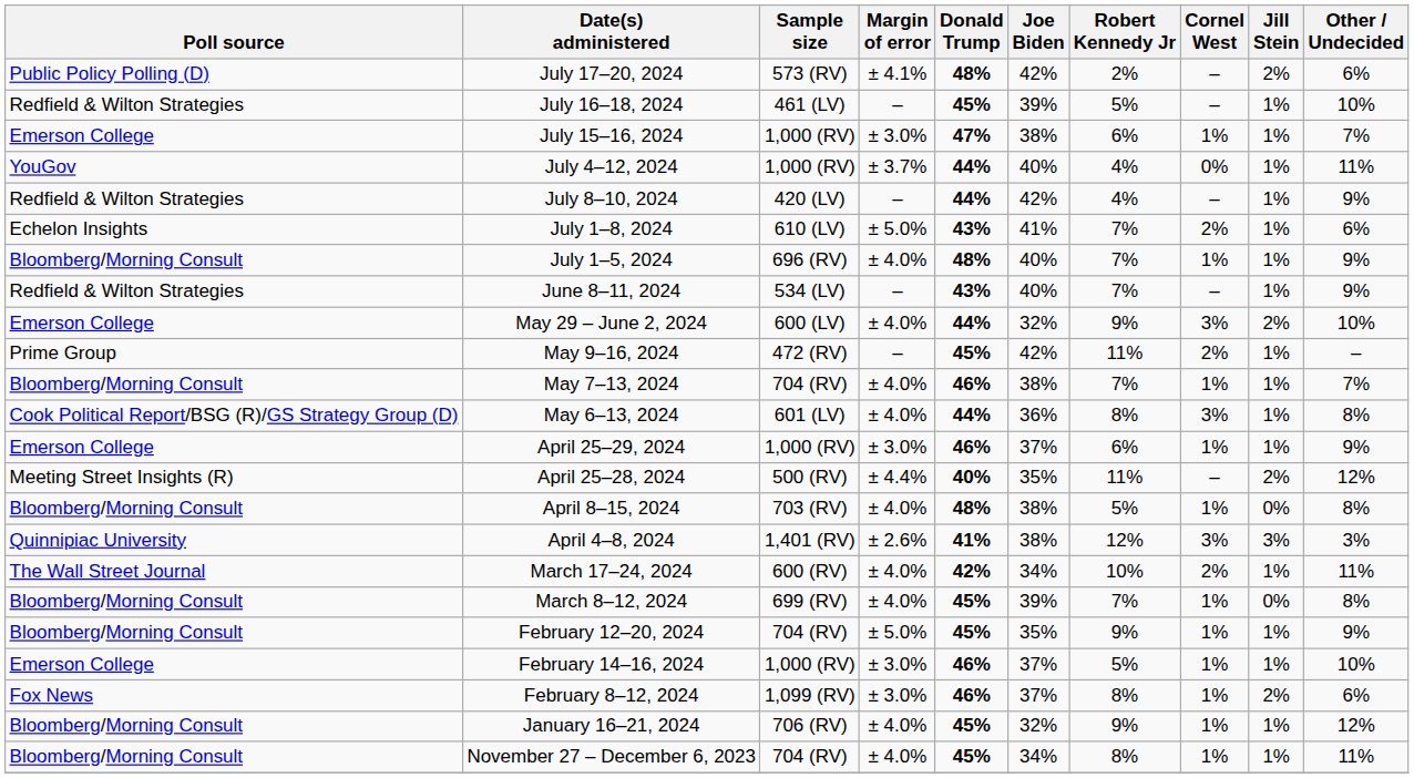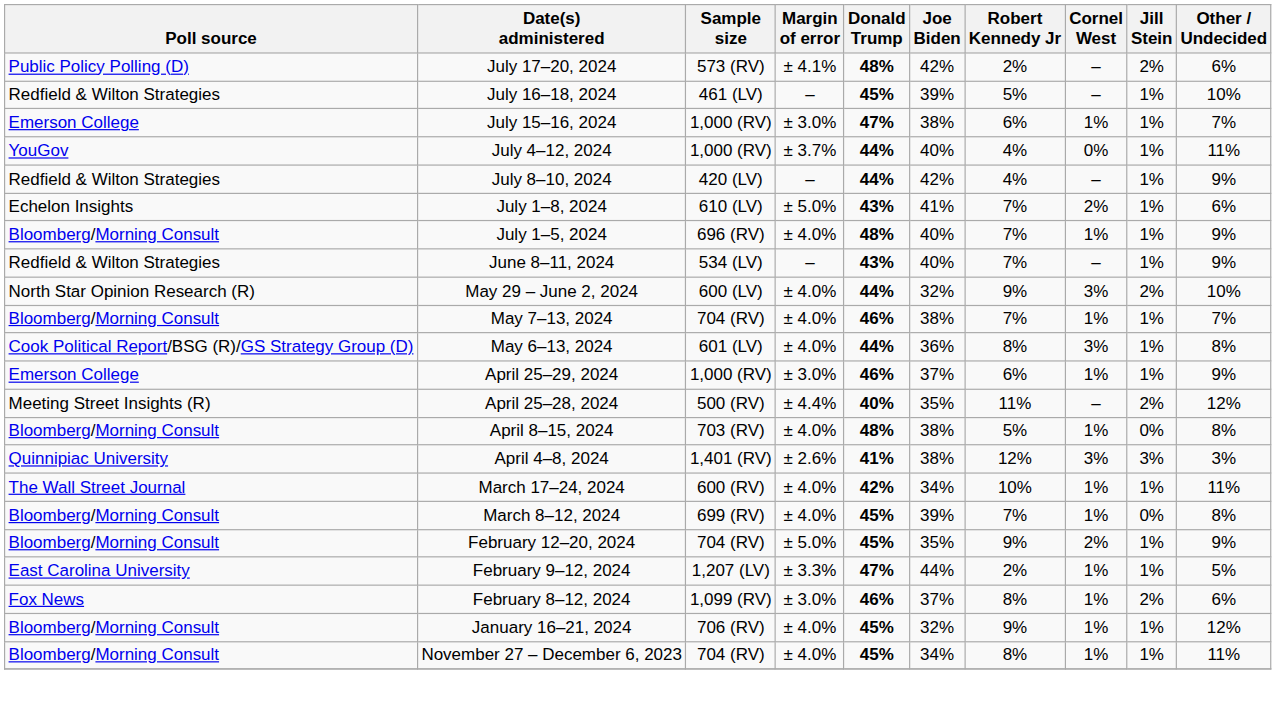 <table class="wikitable sortable mw-datatable" style="font-size:90%;text-align:center;line-height:17px">
 <tr valign=bottom>
 <th>Poll source</th>
 <th>Date(s)<br>administered</th>
 <th>Sample<br>size</th>
 <th>Margin<br>of error</th>
 <th class="unsortable">Donald<br>Trump<br></th>
 <th class="unsortable">Joe<br>Biden<br></th>
 <th class="unsortable">Robert<br>Kennedy Jr<br></th>
 <th class="unsortable">Cornel<br>West<br></th>
 <th class="unsortable">Jill<br>Stein<br></th>
 <th class="unsortable">Other /<br>Undecided</th>
 </tr>
 <tr>
 <td style="text-align:left;"><a href='#'>Public Policy Polling (D)</a></td>
 <td data-sort-value="2024-07-21">July 17–20, 2024</td>
 <td>573 (RV)</td>
 <td>± 4.1%</td>
 <td style="background-color:"><strong>48%</strong></td>
 <td>42%</td>
 <td>2%</td>
 <td>–</td>
 <td>2%</td>
 <td>6%</td>
 </tr>
 <tr>
 <td style="text-align:left;">Redfield & Wilton Strategies</td>
 <td data-sort-value="2024-07-18">July 16–18, 2024</td>
 <td>461 (LV)</td>
 <td>–</td>
 <td style="background-color:"><strong>45%</strong></td>
 <td>39%</td>
 <td>5%</td>
 <td>–</td>
 <td>1%</td>
 <td>10%</td>
 </tr>
 <tr>
 <td style="text-align:left;"><a href='#'>Emerson College</a></td>
 <td data-sort-value="2024-07-18">July 15–16, 2024</td>
 <td>1,000 (RV)</td>
 <td>± 3.0%</td>
 <td style="background-color:"><strong>47%</strong></td>
 <td>38%</td>
 <td>6%</td>
 <td>1%</td>
 <td>1%</td>
 <td>7%</td>
 </tr>
 <tr>
 <td style="text-align:left;"><a href='#'>YouGov</a></td>
 <td data-sort-value="2024-07-15">July 4–12, 2024</td>
 <td>1,000 (RV)</td>
 <td>± 3.7%</td>
 <td style="background-color:"><strong>44%</strong></td>
 <td>40%</td>
 <td>4%</td>
 <td>0%</td>
 <td>1%</td>
 <td>11%</td>
 </tr>
 <tr>
 <td style="text-align:left;">Redfield & Wilton Strategies</td>
 <td data-sort-value="2024-07-10">July 8–10, 2024</td>
 <td>420 (LV)</td>
 <td>–</td>
 <td style="background-color:"><strong>44%</strong></td>
 <td>42%</td>
 <td>4%</td>
 <td>–</td>
 <td>1%</td>
 <td>9%</td>
 </tr>
 <tr>
 <td style="text-align:left;">Echelon Insights</td>
 <td data-sort-value="2024-07-08">July 1–8, 2024</td>
 <td>610 (LV)</td>
 <td>± 5.0%</td>
 <td style="background-color:"><strong>43%</strong></td>
 <td>41%</td>
 <td>7%</td>
 <td>2%</td>
 <td>1%</td>
 <td>6%</td>
 </tr>
 <tr>
 <td style="text-align:left;"><a href='#'>Bloomberg</a>/<a href='#'>Morning Consult</a></td>
 <td data-sort-value="2024-07-06">July 1–5, 2024</td>
 <td>696 (RV)</td>
 <td>± 4.0%</td>
 <td style="background-color:"><strong>48%</strong></td>
 <td>40%</td>
 <td>7%</td>
 <td>1%</td>
 <td>1%</td>
 <td>9%</td>
 </tr>
 <tr>
 <td style="text-align:left;">Redfield & Wilton Strategies</td>
 <td data-sort-value="2024-07-10">June 8–11, 2024</td>
 <td>534 (LV)</td>
 <td>–</td>
 <td style="background-color:"><strong>43%</strong></td>
 <td>40%</td>
 <td>7%</td>
 <td>–</td>
 <td>1%</td>
 <td>9%</td>
 </tr>
 <tr>
-<td style="text-align:left;"><a href='#'>Emerson College</a></td>
+<td style="text-align:left;">North Star Opinion Research (R)</td>
 <td data-sort-value="2024-06-03">May 29 – June 2, 2024</td>
 <td>600 (LV)</td>
 <td>± 4.0%</td>
 <td style="background-color:"><strong>44%</strong></td>
 <td>32%</td>
 <td>9%</td>
 <td>3%</td>
 <td>2%</td>
 <td>10%</td>
-</tr>
-<tr>
-<td style="text-align:left;">Prime Group</td>
-<td data-sort-value="2024-05-22">May 9–16, 2024</td>
-<td>472 (RV)</td>
-<td>–</td>
-<td style="background-color:"><strong>45%</strong></td>
-<td>42%</td>
-<td>11%</td>
-<td>2%</td>
-<td>1%</td>
-<td>–</td>
 </tr>
 <tr>
 <td style="text-align:left;"><a href='#'>Bloomberg</a>/<a href='#'>Morning Consult</a></td>
 <td data-sort-value="2024-05-22">May 7–13, 2024</td>
 <td>704 (RV)</td>
 <td>± 4.0%</td>
 <td style="background-color:"><strong>46%</strong></td>
 <td>38%</td>
 <td>7%</td>
 <td>1%</td>
 <td>1%</td>
 <td>7%</td>
 </tr>
 <tr>
 <td style="text-align:left;"><a href='#'>Cook Political Report</a>/BSG (R)/<a href='#'>GS Strategy Group (D)</a></td>
 <td data-sort-value="2024-05-23">May 6–13, 2024</td>
 <td>601 (LV)</td>
 <td>± 4.0%</td>
 <td style="background-color:"><strong>44%</strong></td>
 <td>36%</td>
 <td>8%</td>
 <td>3%</td>
 <td>1%</td>
 <td>8%</td>
 </tr>
 <tr>
 <td style="text-align:left;"><a href='#'>Emerson College</a></td>
 <td data-sort-value="2024-04-30">April 25–29, 2024</td>
 <td>1,000 (RV)</td>
 <td>± 3.0%</td>
 <td style="background-color:"><strong>46%</strong></td>
 <td>37%</td>
 <td>6%</td>
 <td>1%</td>
 <td>1%</td>
 <td>9%</td>
 </tr>
 <tr>
 <td style="text-align:left;">Meeting Street Insights (R)</td>
 <td data-sort-value="2024-05-29">April 25–28, 2024</td>
 <td>500 (RV)</td>
 <td>± 4.4%</td>
 <td style="background-color:"><strong>40%</strong></td>
 <td>35%</td>
 <td>11%</td>
 <td>–</td>
 <td>2%</td>
 <td>12%</td>
 </tr>
 <tr>
 <td style="text-align:left;"><a href='#'>Bloomberg</a>/<a href='#'>Morning Consult</a></td>
 <td data-sort-value="2024-04-24">April 8–15, 2024</td>
 <td>703 (RV)</td>
 <td>± 4.0%</td>
 <td style="background-color:"><strong>48%</strong></td>
 <td>38%</td>
 <td>5%</td>
 <td>1%</td>
 <td>0%</td>
 <td>8%</td>
 </tr>
 <tr>
 <td style="text-align:left;"><a href='#'>Quinnipiac University</a></td>
 <td data-sort-value="2024-04-10">April 4–8, 2024</td>
 <td>1,401 (RV)</td>
 <td>± 2.6%</td>
 <td style="background-color:"><strong>41%</strong></td>
 <td>38%</td>
 <td>12%</td>
 <td>3%</td>
 <td>3%</td>
 <td>3%</td>
 </tr>
 <tr>
 <td style="text-align:left;"><a href='#'>The Wall Street Journal</a></td>
 <td data-sort-value="2024-04-02">March 17–24, 2024</td>
 <td>600 (RV)</td>
 <td>± 4.0%</td>
 <td style="background-color:"><strong>42%</strong></td>
 <td>34%</td>
 <td>10%</td>
-<td>2%</td>
+<td>1%</td>
 <td>1%</td>
 <td>11%</td>
 </tr>
 <tr>
 <td style="text-align:left;"><a href='#'>Bloomberg</a>/<a href='#'>Morning Consult</a></td>
 <td data-sort-value="2024-03-26">March 8–12, 2024</td>
 <td>699 (RV)</td>
 <td>± 4.0%</td>
 <td style="background-color:"><strong>45%</strong></td>
 <td>39%</td>
 <td>7%</td>
 <td>1%</td>
 <td>0%</td>
 <td>8%</td>
 </tr>
 <tr>
 <td style="text-align:left;"><a href='#'>Bloomberg</a>/<a href='#'>Morning Consult</a></td>
 <td data-sort-value="2024-02-29">February 12–20, 2024</td>
 <td>704 (RV)</td>
 <td>± 5.0%</td>
 <td style="background-color:"><strong>45%</strong></td>
 <td>35%</td>
 <td>9%</td>
-<td>1%</td>
+<td>2%</td>
 <td>1%</td>
 <td>9%</td>
 </tr>
 <tr>
-<td style="text-align:left;"><a href='#'>Emerson College</a></td>
-<td data-sort-value="2024-02-21">February 14–16, 2024</td>
-<td>1,000 (RV)</td>
-<td>± 3.0%</td>
-<td style="background-color:"><strong>46%</strong></td>
-<td>37%</td>
-<td>5%</td>
+<td style="text-align:left;"><a href='#'>East Carolina University</a></td>
+<td data-sort-value="2024-02-16">February 9–12, 2024</td>
+<td>1,207 (LV)</td>
+<td>± 3.3%</td>
+<td style="background-color:"><strong>47%</strong></td>
+<td>44%</td>
+<td>2%</td>
 <td>1%</td>
 <td>1%</td>
-<td>10%</td>
+<td>5%</td>
 </tr>
 <tr>
 <td style="text-align:left;"><a href='#'>Fox News</a></td>
 <td data-sort-value="2024-02-14">February 8–12, 2024</td>
 <td>1,099 (RV)</td>
 <td>± 3.0%</td>
 <td style="background-color:"><strong>46%</strong></td>
 <td>37%</td>
 <td>8%</td>
 <td>1%</td>
 <td>2%</td>
 <td>6%</td>
 </tr>
 <tr>
 <td style="text-align:left;"><a href='#'>Bloomberg</a>/<a href='#'>Morning Consult</a></td>
 <td data-sort-value="2024-01-31">January 16–21, 2024</td>
 <td>706 (RV)</td>
 <td>± 4.0%</td>
 <td style="background-color:"><strong>45%</strong></td>
 <td>32%</td>
 <td>9%</td>
 <td>1%</td>
 <td>1%</td>
 <td>12%</td>
 </tr>
 <tr>
 <td style="text-align:left;"><a href='#'>Bloomberg</a>/<a href='#'>Morning Consult</a></td>
 <td data-sort-value="2023-12-14">November 27 – December 6, 2023</td>
 <td>704 (RV)</td>
 <td>± 4.0%</td>
 <td style="background-color:"><strong>45%</strong></td>
 <td>34%</td>
 <td>8%</td>
 <td>1%</td>
 <td>1%</td>
 <td>11%</td>
 </tr>
 <tr>
 </tr>
 </table>
